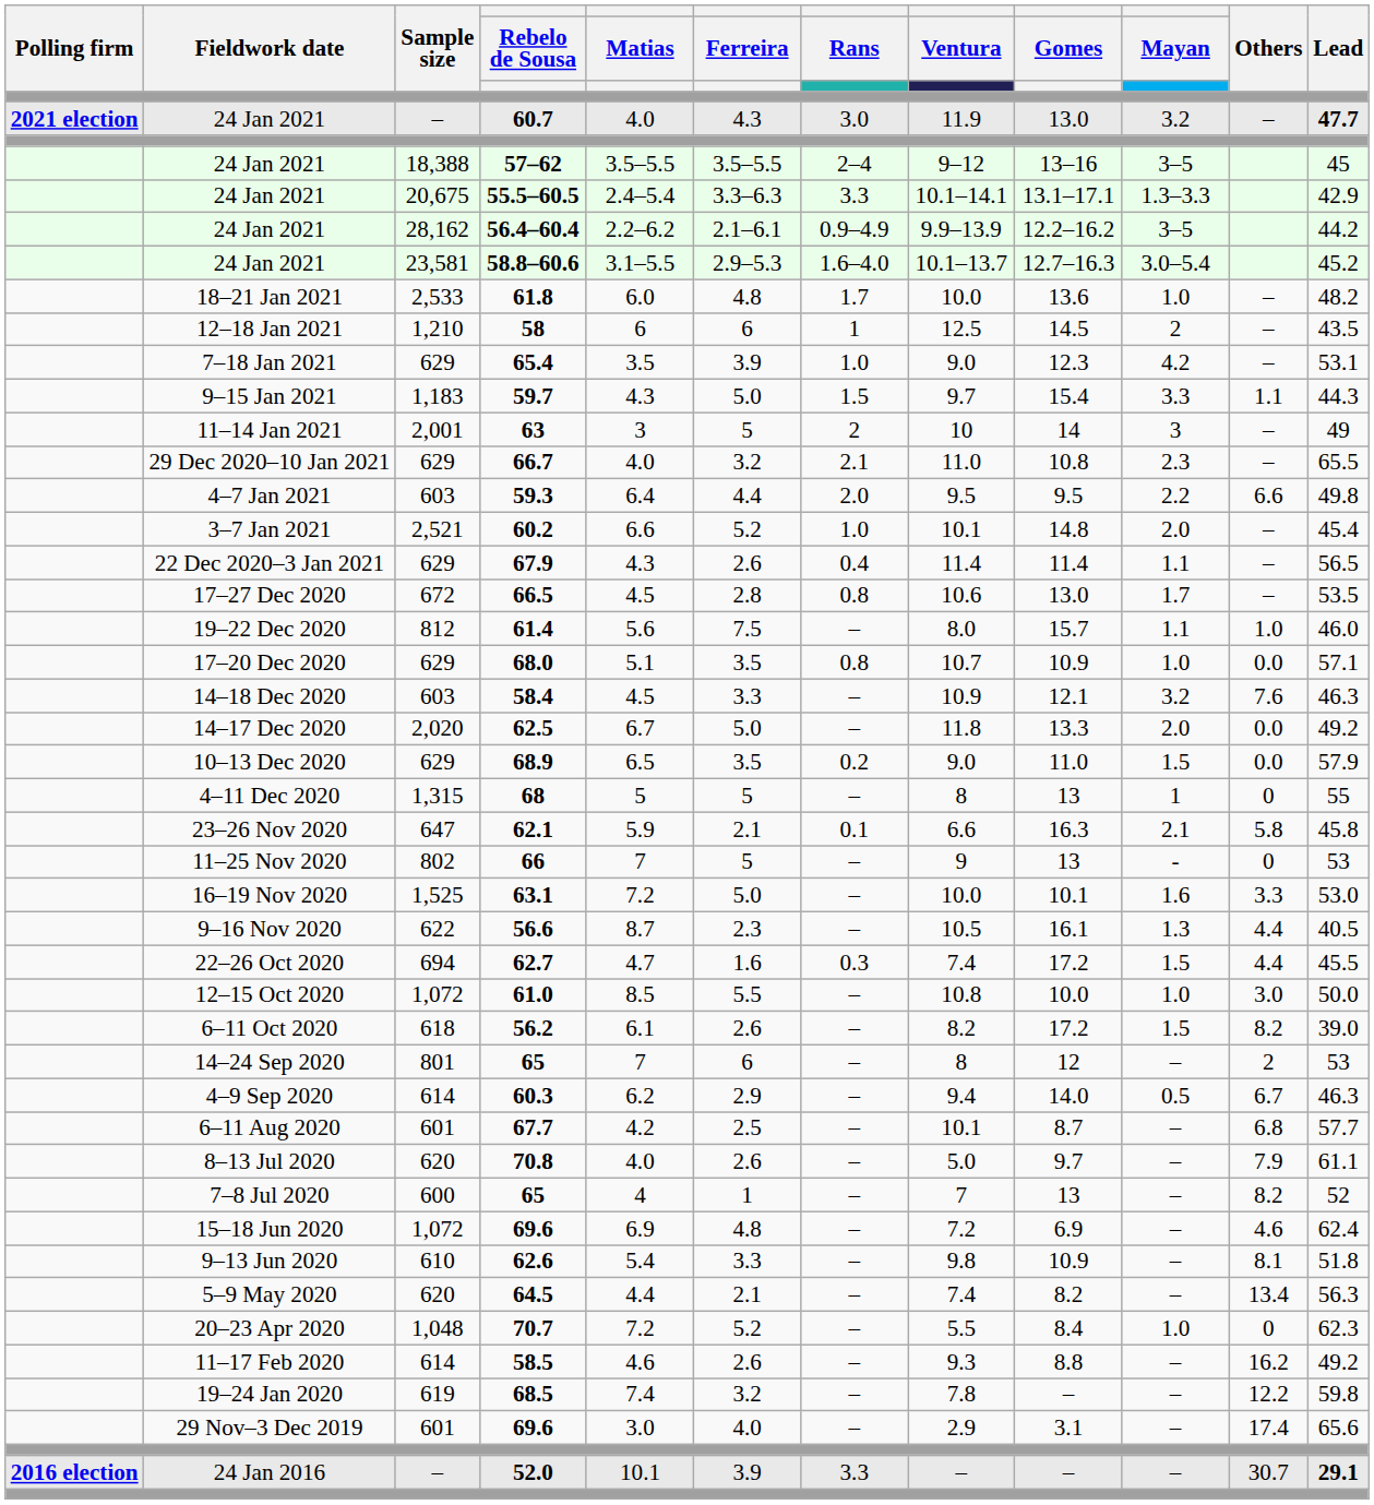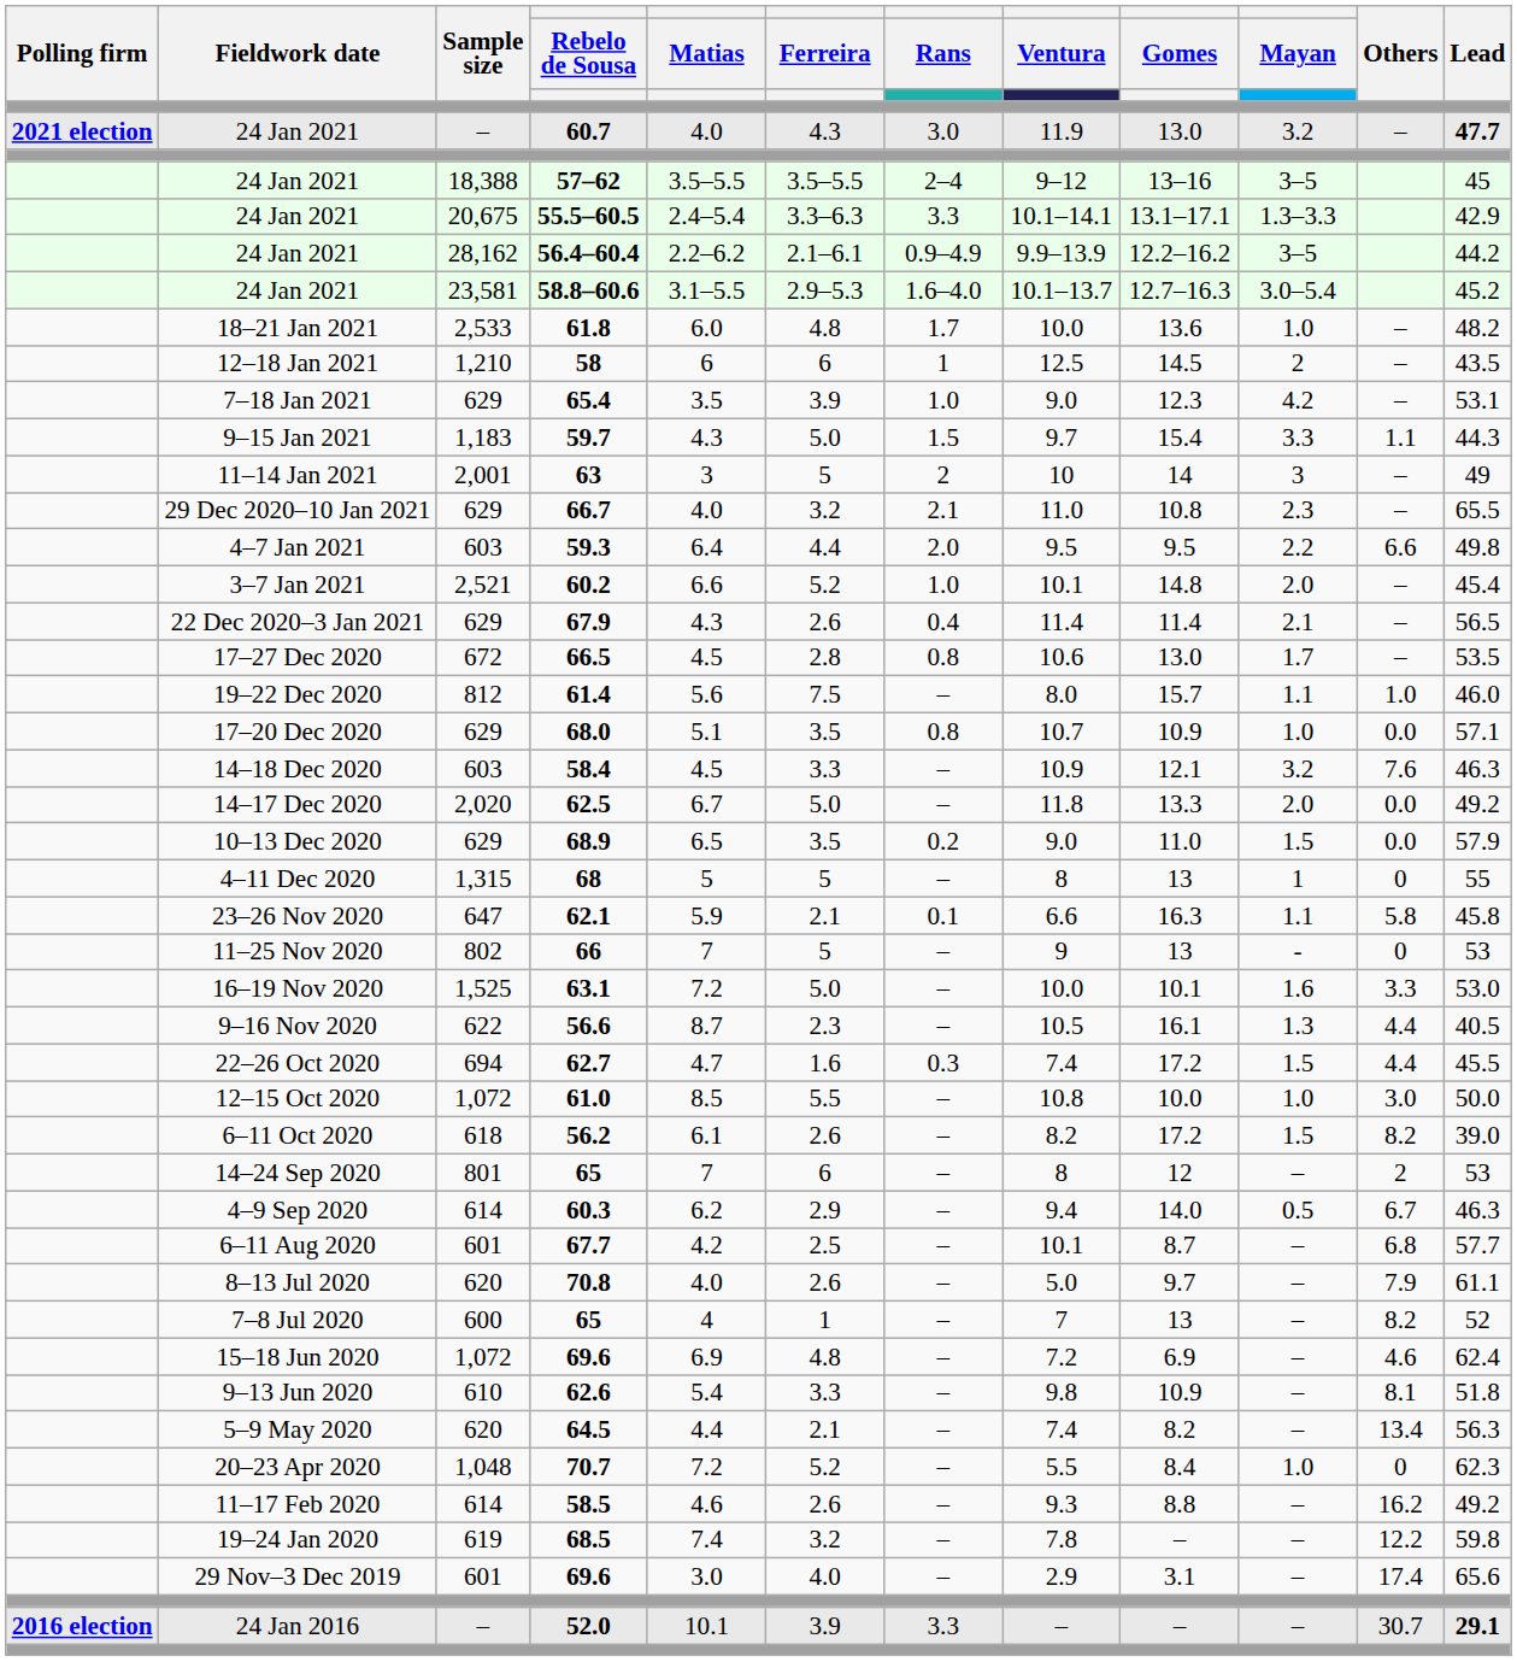 <table class="wikitable unsortable" style="text-align:center;font-size:90%;line-height:14px;">
 <tr>
 <th rowspan="3">Polling firm</th>
 <th rowspan="3">Fieldwork date</th>
 <th rowspan="3">Sample<br>size</th>
 <th></th>
 <th></th>
 <th></th>
 <th></th>
 <th></th>
 <th></th>
 <th></th>
 <th rowspan="3">Others</th>
 <th rowspan="3">Lead</th>
 </tr>
 <tr style="height:40px;">
 <th class="unsortable" style="width:60px;"><a href='#'>Rebelo de Sousa</a><br></th>
 <th class="unsortable" style="width:60px;"><a href='#'>Matias</a><br></th>
 <th class="unsortable" style="width:60px;"><a href='#'>Ferreira</a><br></th>
 <th class="unsortable" style="width:60px;"><a href='#'>Rans</a><br></th>
 <th class="unsortable" style="width:60px;"><a href='#'>Ventura</a><br></th>
 <th class="unsortable" style="width:60px;"><a href='#'>Gomes</a><br></th>
 <th class="unsortable" style="width:60px;"><a href='#'>Mayan</a><br></th>
 </tr>
 <tr>
 <th style="background:"></th>
 <th style="background:"></th>
 <th style="background:"></th>
 <th class="unsortable" style="background:LightSeaGreen;"></th>
 <th style="background:#202056;"></th>
 <th style="background:"></th>
 <th class="unsortable" style="background:#00ADEF;"></th>
 </tr>
 <tr>
 <td colspan="12" style="background:#A0A0A0"></td>
 </tr>
 <tr style="background:#E9E9E9;">
 <td><strong><a href='#'>2021 election</a></strong></td>
 <td data-sort-value="2017-04-23">24 Jan 2021</td>
 <td>–</td>
 <td><strong>60.7</strong></td>
 <td>4.0</td>
 <td>4.3</td>
 <td>3.0</td>
 <td>11.9</td>
 <td>13.0</td>
 <td>3.2</td>
 <td>–</td>
 <td style="background:"><strong>47.7</strong></td>
 </tr>
 <tr>
 <td colspan="12" style="background:#A0A0A0"></td>
 </tr>
 <tr style="background:#EAFFEA">
 <td></td>
 <td>24 Jan 2021</td>
 <td>18,388</td>
 <td><strong>57–62</strong></td>
 <td>3.5–5.5</td>
 <td>3.5–5.5</td>
 <td>2–4</td>
 <td>9–12</td>
 <td>13–16</td>
 <td>3–5</td>
 <td></td>
 <td style="background:">45</td>
 </tr>
 <tr style="background:#EAFFEA">
 <td></td>
 <td>24 Jan 2021</td>
 <td>20,675</td>
 <td><strong>55.5–60.5</strong></td>
 <td>2.4–5.4</td>
 <td>3.3–6.3</td>
 <td>3.3</td>
 <td>10.1–14.1</td>
 <td>13.1–17.1</td>
 <td>1.3–3.3</td>
 <td></td>
 <td style="background:">42.9</td>
 </tr>
 <tr style="background:#EAFFEA">
 <td></td>
 <td>24 Jan 2021</td>
 <td>28,162</td>
 <td><strong>56.4–60.4</strong></td>
 <td>2.2–6.2</td>
 <td>2.1–6.1</td>
 <td>0.9–4.9</td>
 <td>9.9–13.9</td>
 <td>12.2–16.2</td>
 <td>3–5</td>
 <td></td>
 <td style="background:">44.2</td>
 </tr>
 <tr style="background:#EAFFEA">
 <td></td>
 <td>24 Jan 2021</td>
 <td>23,581</td>
 <td><strong>58.8–60.6</strong></td>
 <td>3.1–5.5</td>
 <td>2.9–5.3</td>
 <td>1.6–4.0</td>
 <td>10.1–13.7</td>
 <td>12.7–16.3</td>
 <td>3.0–5.4</td>
 <td></td>
 <td style="background:">45.2</td>
 </tr>
 <tr>
 <td></td>
 <td>18–21 Jan 2021</td>
 <td>2,533</td>
 <td><strong>61.8</strong></td>
 <td>6.0</td>
 <td>4.8</td>
 <td>1.7</td>
 <td>10.0</td>
 <td>13.6</td>
 <td>1.0</td>
 <td>–</td>
 <td style="background:">48.2</td>
 </tr>
 <tr>
 <td></td>
 <td>12–18 Jan 2021</td>
 <td>1,210</td>
 <td><strong>58</strong></td>
 <td>6</td>
 <td>6</td>
 <td>1</td>
 <td>12.5</td>
 <td>14.5</td>
 <td>2</td>
 <td>–</td>
 <td style="background:">43.5</td>
 </tr>
 <tr>
 <td></td>
 <td>7–18 Jan 2021</td>
 <td>629</td>
 <td><strong>65.4</strong></td>
 <td>3.5</td>
 <td>3.9</td>
 <td>1.0</td>
 <td>9.0</td>
 <td>12.3</td>
 <td>4.2</td>
 <td>–</td>
 <td style="background:">53.1</td>
 </tr>
 <tr>
 <td></td>
 <td>9–15 Jan 2021</td>
 <td>1,183</td>
 <td><strong>59.7</strong></td>
 <td>4.3</td>
 <td>5.0</td>
 <td>1.5</td>
 <td>9.7</td>
 <td>15.4</td>
 <td>3.3</td>
 <td>1.1</td>
 <td style="background:">44.3</td>
 </tr>
 <tr>
 <td></td>
 <td>11–14 Jan 2021</td>
 <td>2,001</td>
 <td><strong>63</strong></td>
 <td>3</td>
 <td>5</td>
 <td>2</td>
 <td>10</td>
 <td>14</td>
 <td>3</td>
 <td>–</td>
 <td style="background:">49</td>
 </tr>
 <tr>
 <td></td>
 <td>29 Dec 2020–10 Jan 2021</td>
 <td>629</td>
 <td><strong>66.7</strong></td>
 <td>4.0</td>
 <td>3.2</td>
 <td>2.1</td>
 <td>11.0</td>
 <td>10.8</td>
 <td>2.3</td>
 <td>–</td>
 <td style="background:">65.5</td>
 </tr>
 <tr>
 <td></td>
 <td data-sort-value="2019-10-03">4–7 Jan 2021</td>
 <td>603</td>
 <td><strong>59.3</strong></td>
 <td>6.4</td>
 <td>4.4</td>
 <td>2.0</td>
 <td>9.5</td>
 <td>9.5</td>
 <td>2.2</td>
 <td>6.6</td>
 <td style="background:">49.8</td>
 </tr>
 <tr>
 <td></td>
 <td>3–7 Jan 2021</td>
 <td>2,521</td>
 <td><strong>60.2</strong></td>
 <td>6.6</td>
 <td>5.2</td>
 <td>1.0</td>
 <td>10.1</td>
 <td>14.8</td>
 <td>2.0</td>
 <td>–</td>
 <td style="background:">45.4</td>
 </tr>
 <tr>
 <td></td>
 <td>22 Dec 2020–3 Jan 2021</td>
 <td>629</td>
 <td><strong>67.9</strong></td>
 <td>4.3</td>
 <td>2.6</td>
 <td>0.4</td>
 <td>11.4</td>
 <td>11.4</td>
-<td>1.1</td>
+<td>2.1</td>
 <td>–</td>
 <td style="background:">56.5</td>
 </tr>
 <tr>
 <td></td>
 <td>17–27 Dec 2020</td>
 <td>672</td>
 <td><strong>66.5</strong></td>
 <td>4.5</td>
 <td>2.8</td>
 <td>0.8</td>
 <td>10.6</td>
 <td>13.0</td>
 <td>1.7</td>
 <td>–</td>
 <td style="background:">53.5</td>
 </tr>
 <tr>
 <td></td>
 <td>19–22 Dec 2020</td>
 <td>812</td>
 <td><strong>61.4</strong></td>
 <td>5.6</td>
 <td>7.5</td>
 <td>–</td>
 <td>8.0</td>
 <td>15.7</td>
 <td>1.1</td>
 <td>1.0</td>
 <td style="background:">46.0</td>
 </tr>
 <tr>
 <td></td>
 <td>17–20 Dec 2020</td>
 <td>629</td>
 <td><strong>68.0</strong></td>
 <td>5.1</td>
 <td>3.5</td>
 <td>0.8</td>
 <td>10.7</td>
 <td>10.9</td>
 <td>1.0</td>
 <td>0.0</td>
 <td style="background:">57.1</td>
 </tr>
 <tr>
 <td></td>
 <td data-sort-value="2019-10-03">14–18 Dec 2020</td>
 <td>603</td>
 <td><strong>58.4</strong></td>
 <td>4.5</td>
 <td>3.3</td>
 <td>–</td>
 <td>10.9</td>
 <td>12.1</td>
 <td>3.2</td>
 <td>7.6</td>
 <td style="background:">46.3</td>
 </tr>
 <tr>
 <td></td>
 <td>14–17 Dec 2020</td>
 <td>2,020</td>
 <td><strong>62.5</strong></td>
 <td>6.7</td>
 <td>5.0</td>
 <td>–</td>
 <td>11.8</td>
 <td>13.3</td>
 <td>2.0</td>
 <td>0.0</td>
 <td style="background:">49.2</td>
 </tr>
 <tr>
 <td></td>
 <td>10–13 Dec 2020</td>
 <td>629</td>
 <td><strong>68.9</strong></td>
 <td>6.5</td>
 <td>3.5</td>
 <td>0.2</td>
 <td>9.0</td>
 <td>11.0</td>
 <td>1.5</td>
 <td>0.0</td>
 <td style="background:">57.9</td>
 </tr>
 <tr>
 <td></td>
 <td>4–11 Dec 2020</td>
 <td>1,315</td>
 <td><strong>68</strong></td>
 <td>5</td>
 <td>5</td>
 <td>–</td>
 <td>8</td>
 <td>13</td>
 <td>1</td>
 <td>0</td>
 <td style="background:">55</td>
 </tr>
 <tr>
 <td></td>
 <td>23–26 Nov 2020</td>
 <td>647</td>
 <td><strong>62.1</strong></td>
 <td>5.9</td>
 <td>2.1</td>
 <td>0.1</td>
 <td>6.6</td>
 <td>16.3</td>
-<td>2.1</td>
+<td>1.1</td>
 <td>5.8</td>
 <td style="background:">45.8</td>
 </tr>
 <tr>
 <td></td>
 <td>11–25 Nov 2020</td>
 <td>802</td>
 <td><strong>66</strong></td>
 <td>7</td>
 <td>5</td>
 <td>–</td>
 <td>9</td>
 <td>13</td>
 <td>-</td>
 <td>0</td>
 <td style="background:">53</td>
 </tr>
 <tr>
 <td></td>
 <td>16–19 Nov 2020</td>
 <td>1,525</td>
 <td><strong>63.1</strong></td>
 <td>7.2</td>
 <td>5.0</td>
 <td>–</td>
 <td>10.0</td>
 <td>10.1</td>
 <td>1.6</td>
 <td>3.3</td>
 <td style="background:">53.0</td>
 </tr>
 <tr>
 <td></td>
 <td>9–16 Nov 2020</td>
 <td>622</td>
 <td><strong>56.6</strong></td>
 <td>8.7</td>
 <td>2.3</td>
 <td>–</td>
 <td>10.5</td>
 <td>16.1</td>
 <td>1.3</td>
 <td>4.4</td>
 <td style="background:">40.5</td>
 </tr>
 <tr>
 <td></td>
 <td>22–26 Oct 2020</td>
 <td>694</td>
 <td><strong>62.7</strong></td>
 <td>4.7</td>
 <td>1.6</td>
 <td>0.3</td>
 <td>7.4</td>
 <td>17.2</td>
 <td>1.5</td>
 <td>4.4</td>
 <td style="background:">45.5</td>
 </tr>
 <tr>
 <td></td>
 <td>12–15 Oct 2020</td>
 <td>1,072</td>
 <td><strong>61.0</strong></td>
 <td>8.5</td>
 <td>5.5</td>
 <td>–</td>
 <td>10.8</td>
 <td>10.0</td>
 <td>1.0</td>
 <td>3.0</td>
 <td style="background:">50.0</td>
 </tr>
 <tr>
 <td></td>
 <td>6–11 Oct 2020</td>
 <td>618</td>
 <td><strong>56.2</strong></td>
 <td>6.1</td>
 <td>2.6</td>
 <td>–</td>
 <td>8.2</td>
 <td>17.2</td>
 <td>1.5</td>
 <td>8.2</td>
 <td style="background:">39.0</td>
 </tr>
 <tr>
 <td></td>
 <td>14–24 Sep 2020</td>
 <td>801</td>
 <td><strong>65</strong></td>
 <td>7</td>
 <td>6</td>
 <td>–</td>
 <td>8</td>
 <td>12</td>
 <td>–</td>
 <td>2</td>
 <td style="background:">53</td>
 </tr>
 <tr>
 <td></td>
 <td>4–9 Sep 2020</td>
 <td>614</td>
 <td><strong>60.3</strong></td>
 <td>6.2</td>
 <td>2.9</td>
 <td>–</td>
 <td>9.4</td>
 <td>14.0</td>
 <td>0.5</td>
 <td>6.7</td>
 <td style="background:">46.3</td>
 </tr>
 <tr>
 <td></td>
 <td>6–11 Aug 2020</td>
 <td>601</td>
 <td><strong>67.7</strong></td>
 <td>4.2</td>
 <td>2.5</td>
 <td>–</td>
 <td>10.1</td>
 <td>8.7</td>
 <td>–</td>
 <td>6.8</td>
 <td style="background:">57.7</td>
 </tr>
 <tr>
 <td></td>
 <td>8–13 Jul 2020</td>
 <td>620</td>
 <td><strong>70.8</strong></td>
 <td>4.0</td>
 <td>2.6</td>
 <td>–</td>
 <td>5.0</td>
 <td>9.7</td>
 <td>–</td>
 <td>7.9</td>
 <td style="background:">61.1</td>
 </tr>
 <tr>
 <td></td>
 <td>7–8 Jul 2020</td>
 <td>600</td>
 <td><strong>65</strong></td>
 <td>4</td>
 <td>1</td>
 <td>–</td>
 <td>7</td>
 <td>13</td>
 <td>–</td>
 <td>8.2</td>
 <td style="background:">52</td>
 </tr>
 <tr>
 <td></td>
 <td>15–18 Jun 2020</td>
 <td>1,072</td>
 <td><strong>69.6</strong></td>
 <td>6.9</td>
 <td>4.8</td>
 <td>–</td>
 <td>7.2</td>
 <td>6.9</td>
 <td>–</td>
 <td>4.6</td>
 <td style="background:">62.4</td>
 </tr>
 <tr>
 <td></td>
 <td>9–13 Jun 2020</td>
 <td>610</td>
 <td><strong>62.6</strong></td>
 <td>5.4</td>
 <td>3.3</td>
 <td>–</td>
 <td>9.8</td>
 <td>10.9</td>
 <td>–</td>
 <td>8.1</td>
 <td style="background:">51.8</td>
 </tr>
 <tr>
 <td></td>
 <td>5–9 May 2020</td>
 <td>620</td>
 <td><strong>64.5</strong></td>
 <td>4.4</td>
 <td>2.1</td>
 <td>–</td>
 <td>7.4</td>
 <td>8.2</td>
 <td>–</td>
 <td>13.4</td>
 <td style="background:">56.3</td>
 </tr>
 <tr>
 <td></td>
 <td>20–23 Apr 2020</td>
 <td>1,048</td>
 <td><strong>70.7</strong></td>
 <td>7.2</td>
 <td>5.2</td>
 <td>–</td>
 <td>5.5</td>
 <td>8.4</td>
 <td>1.0</td>
 <td>0</td>
 <td style="background:">62.3</td>
 </tr>
 <tr>
 <td></td>
 <td>11–17 Feb 2020</td>
 <td>614</td>
 <td><strong>58.5</strong></td>
 <td>4.6</td>
 <td>2.6</td>
 <td>–</td>
 <td>9.3</td>
 <td>8.8</td>
 <td>–</td>
 <td>16.2</td>
 <td style="background:">49.2</td>
 </tr>
 <tr>
 <td></td>
 <td>19–24 Jan 2020</td>
 <td>619</td>
 <td><strong>68.5</strong></td>
 <td>7.4</td>
 <td>3.2</td>
 <td>–</td>
 <td>7.8</td>
 <td>–</td>
 <td>–</td>
 <td>12.2</td>
 <td style="background:">59.8</td>
 </tr>
 <tr>
 <td></td>
 <td>29 Nov–3 Dec 2019</td>
 <td>601</td>
 <td><strong>69.6</strong></td>
 <td>3.0</td>
 <td>4.0</td>
 <td>–</td>
 <td>2.9</td>
 <td>3.1</td>
 <td>–</td>
 <td>17.4</td>
 <td style="background:">65.6</td>
 </tr>
 <tr>
 <td colspan="12" style="background:#A0A0A0"></td>
 </tr>
 <tr style="background:#E9E9E9;">
 <td><strong><a href='#'>2016 election</a></strong></td>
 <td data-sort-value="2017-04-23">24 Jan 2016</td>
 <td>–</td>
 <td><strong>52.0</strong></td>
 <td>10.1</td>
 <td>3.9</td>
 <td>3.3</td>
 <td>–</td>
 <td>–</td>
 <td>–</td>
 <td>30.7</td>
 <td style="background:"><strong>29.1</strong></td>
 </tr>
 <tr>
 <td colspan="12" style="background:#A0A0A0"></td>
 </tr>
 </table>
